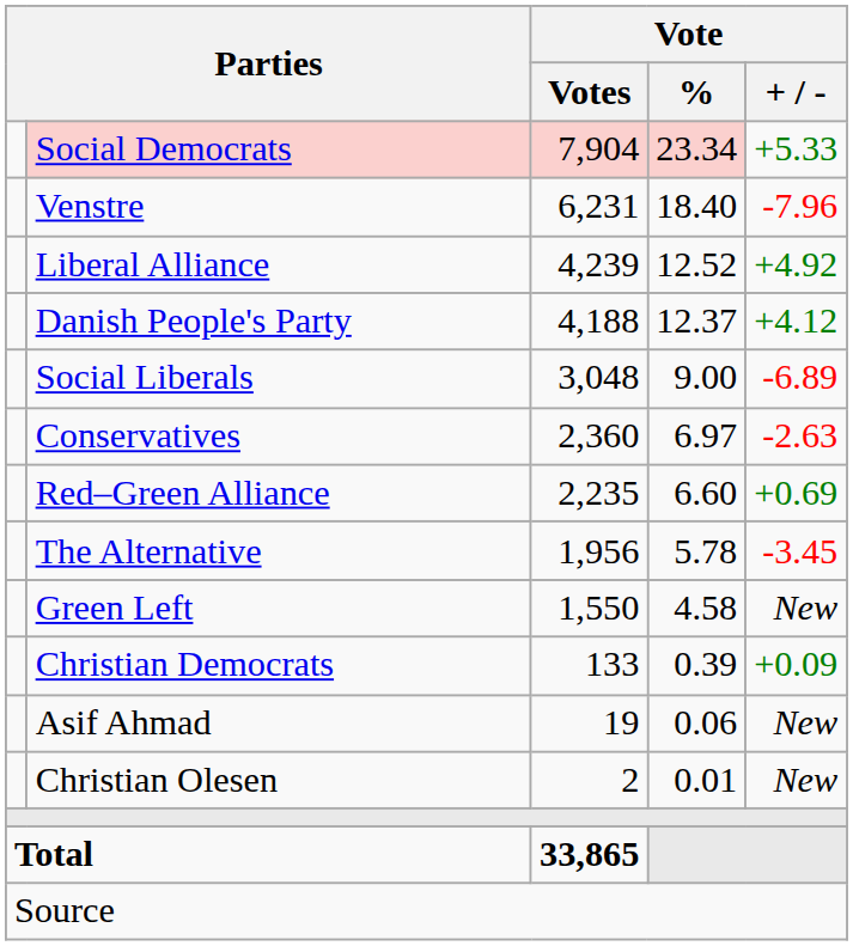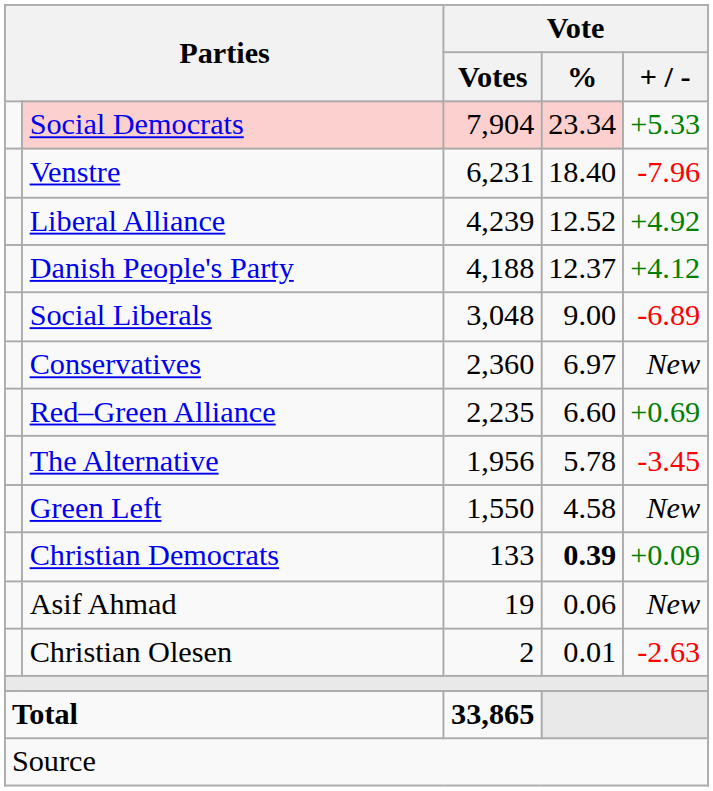 <table class="wikitable" style="text-align:right;">
 <tr>
 <th style="text-align:centre;" rowspan="2" colspan="2" width="225">Parties</th>
 <th colspan="3">Vote</th>
 </tr>
 <tr>
 <th width="15">Votes</th>
 <th width="15">%</th>
 <th width="15">+ / -</th>
 </tr>
 <tr>
 <td width="2" style="color:inherit;background:"></td>
 <td bgcolor=#fbd0ce  align="left"><a href='#'>Social Democrats</a></td>
 <td bgcolor=#fbd0ce>7,904</td>
 <td bgcolor=#fbd0ce>23.34</td>
 <td style=color:green;>+5.33</td>
 </tr>
 <tr>
 <td width="2" style="color:inherit;background:"></td>
 <td align="left"><a href='#'>Venstre</a></td>
 <td>6,231</td>
 <td>18.40</td>
 <td style=color:red;>-7.96</td>
 </tr>
 <tr>
 <td width="2" style="color:inherit;background:"></td>
 <td align="left"><a href='#'>Liberal Alliance</a></td>
 <td>4,239</td>
 <td>12.52</td>
 <td style=color:green;>+4.92</td>
 </tr>
 <tr>
 <td width="2" style="color:inherit;background:"></td>
 <td align="left"><a href='#'>Danish People's Party</a></td>
 <td>4,188</td>
 <td>12.37</td>
 <td style=color:green;>+4.12</td>
 </tr>
 <tr>
 <td width="2" style="color:inherit;background:"></td>
 <td align="left"><a href='#'>Social Liberals</a></td>
 <td>3,048</td>
 <td>9.00</td>
 <td style=color:red;>-6.89</td>
 </tr>
 <tr>
 <td width="2" style="color:inherit;background:"></td>
 <td align="left"><a href='#'>Conservatives</a></td>
 <td>2,360</td>
 <td>6.97</td>
-<td style=color:red;>-2.63</td>
+<td><em>New</em></td>
 </tr>
 <tr>
 <td width="2" style="color:inherit;background:"></td>
 <td align="left"><a href='#'>Red–Green Alliance</a></td>
 <td>2,235</td>
 <td>6.60</td>
 <td style=color:green;>+0.69</td>
 </tr>
 <tr>
 <td width="2" style="color:inherit;background:"></td>
 <td align="left"><a href='#'>The Alternative</a></td>
 <td>1,956</td>
 <td>5.78</td>
 <td style=color:red;>-3.45</td>
 </tr>
 <tr>
 <td width="2" style="color:inherit;background:"></td>
 <td align="left"><a href='#'>Green Left</a></td>
 <td>1,550</td>
 <td>4.58</td>
 <td><em>New</em></td>
 </tr>
 <tr>
 <td width="2" style="color:inherit;background:"></td>
 <td align="left"><a href='#'>Christian Democrats</a></td>
 <td>133</td>
-<td>0.39</td>
+<td><strong>0.39</strong></td>
 <td style=color:green;>+0.09</td>
 </tr>
 <tr>
 <td width="2" style="color:inherit;background:"></td>
 <td align="left">Asif Ahmad</td>
 <td>19</td>
 <td>0.06</td>
 <td><em>New</em></td>
 </tr>
 <tr>
 <td width="2" style="color:inherit;background:"></td>
 <td align="left">Christian Olesen</td>
 <td>2</td>
 <td>0.01</td>
-<td><em>New</em></td>
+<td style=color:red;>-2.63</td>
 </tr>
 <tr>
 <td colspan="7" bgcolor="#E9E9E9"></td>
 </tr>
 <tr>
 <td align="left" colspan="2"><strong>Total</strong></td>
 <td><strong>33,865</strong></td>
 <td bgcolor="#E9E9E9" colspan="2"></td>
 </tr>
 <tr>
 <td align="left" colspan="6">Source</td>
 </tr>
 </table>
